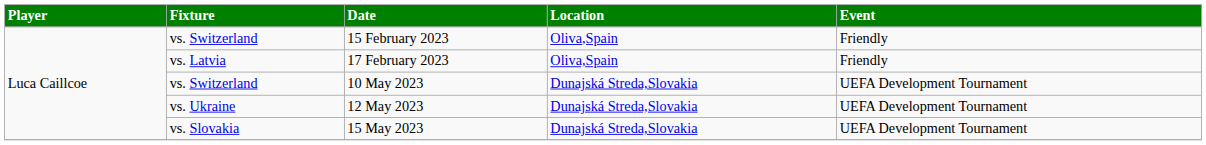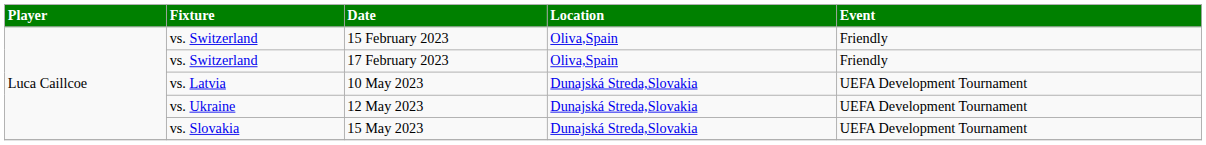 <table class="wikitable" style="width:85%;">
 <tr>
 <th style="background:green; color:white; text-align:left;">Player</th>
 <th style="background:green; color:white; text-align:left;">Fixture</th>
 <th style="background:green; color:white; text-align:left;">Date</th>
 <th style="background:green; color:white; text-align:left;">Location</th>
 <th style="background:green; color:white; text-align:left;">Event</th>
 </tr>
 <tr>
 <td rowspan="5">Luca Caillcoe</td>
 <td>vs.  <a href='#'>Switzerland</a></td>
 <td>15 February 2023</td>
 <td><a href='#'>Oliva,Spain</a></td>
 <td>Friendly</td>
 </tr>
 <tr>
-<td>vs.  <a href='#'>Latvia</a></td>
+<td>vs.  <a href='#'>Switzerland</a></td>
 <td>17 February 2023</td>
 <td><a href='#'>Oliva,Spain</a></td>
 <td>Friendly</td>
 </tr>
 <tr>
-<td>vs.  <a href='#'>Switzerland</a></td>
+<td>vs.  <a href='#'>Latvia</a></td>
 <td>10 May 2023</td>
 <td><a href='#'>Dunajská Streda,Slovakia</a></td>
 <td>UEFA Development Tournament</td>
 </tr>
 <tr>
 <td>vs.  <a href='#'>Ukraine</a></td>
 <td>12 May 2023</td>
 <td><a href='#'>Dunajská Streda,Slovakia</a></td>
 <td>UEFA Development Tournament</td>
 </tr>
 <tr>
 <td>vs.  <a href='#'>Slovakia</a></td>
 <td>15 May 2023</td>
 <td><a href='#'>Dunajská Streda,Slovakia</a></td>
 <td>UEFA Development Tournament</td>
 </tr>
 <tr>
 </tr>
 </table>
